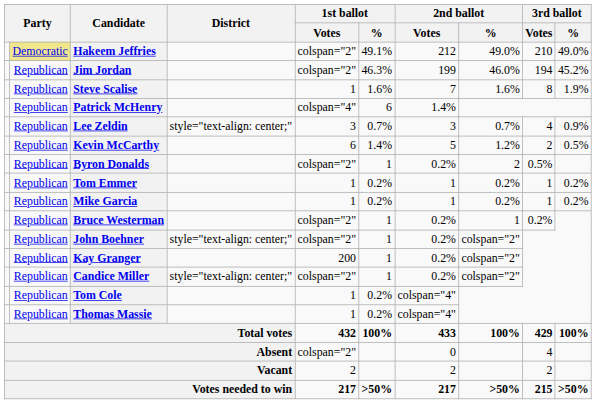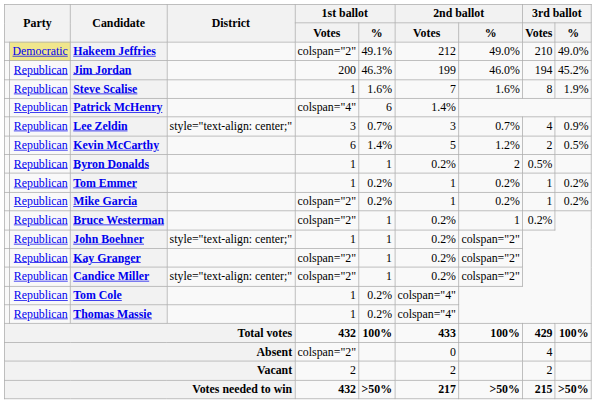 <table class="wikitable plainrowheaders sortable" style="text-align: right;">
 <tr>
 <th colspan="2" rowspan="2" scope="col" class="unsortable">Party</th>
 <th rowspan="2" scope="col" class="unsortable">Candidate</th>
 <th rowspan="2" scope="col" class="unsortable">District</th>
 <th colspan="2" scope="col">1st ballot<br></th>
 <th colspan="2" scope="col">2nd ballot<br></th>
 <th colspan="2" scope="col">3rd ballot<br></th>
 </tr>
 <tr>
 <th scope="col" data-sort-type="number">Votes</th>
 <th scope="col" class="unsortable">%</th>
 <th scope="col" data-sort-type="number">Votes</th>
 <th scope="col" class="unsortable">%</th>
 <th scope="col" data-sort-type="number">Votes</th>
 <th scope="col" class="unsortable">%</th>
 </tr>
 <tr>
 <td style="background-color:"></td>
 <td style="background: khaki;"><a href='#'>Democratic</a></td>
 <th scope="row" style="text-align: left;"><a href='#'>Hakeem Jeffries</a></th>
 <td style="text-align: center;"></td>
 <td>colspan="2" </td>
 <td>49.1%</td>
 <td>212</td>
 <td>49.0%</td>
 <td>210</td>
 <td>49.0%</td>
 </tr>
 <tr>
 <td style="background-color:"></td>
 <td><a href='#'>Republican</a></td>
 <th scope="row" style="text-align: left;"><a href='#'>Jim Jordan</a></th>
 <td style="text-align: center;"></td>
-<td>colspan="2" </td>
+<td>200</td>
 <td>46.3%</td>
 <td>199</td>
 <td>46.0%</td>
 <td>194</td>
 <td>45.2%</td>
 </tr>
 <tr>
 <td style="background-color:"></td>
 <td><a href='#'>Republican</a></td>
 <th scope="row" style="text-align: left;"><a href='#'>Steve Scalise</a></th>
 <td style="text-align: center;"></td>
 <td>1</td>
 <td>1.6%</td>
 <td>7</td>
 <td>1.6%</td>
 <td>8</td>
 <td>1.9%</td>
 </tr>
 <tr>
 <td style="background-color:"></td>
 <td><a href='#'>Republican</a></td>
 <th scope="row" style="text-align: left;"><a href='#'>Patrick McHenry</a></th>
 <td style="text-align: center;"></td>
 <td>colspan="4" </td>
 <td>6</td>
 <td>1.4%</td>
 </tr>
 <tr>
 <td style="background-color:"></td>
 <td><a href='#'>Republican</a></td>
 <th scope="row" style="text-align: left;"><a href='#'>Lee Zeldin</a></th>
 <td>style="text-align: center;" </td>
 <td>3</td>
 <td>0.7%</td>
 <td>3</td>
 <td>0.7%</td>
 <td>4</td>
 <td>0.9%</td>
 </tr>
 <tr>
 <td style="background-color:"></td>
 <td><a href='#'>Republican</a></td>
 <th scope="row" style="text-align: left;"><a href='#'>Kevin McCarthy</a></th>
 <td style="text-align: center;"></td>
 <td>6</td>
 <td>1.4%</td>
 <td>5</td>
 <td>1.2%</td>
 <td>2</td>
 <td>0.5%</td>
 </tr>
 <tr>
 <td style="background-color:"></td>
 <td><a href='#'>Republican</a></td>
 <th scope="row" style="text-align: left;"><a href='#'>Byron Donalds</a></th>
 <td style="text-align: center;"></td>
-<td>colspan="2" </td>
+<td>1</td>
 <td>1</td>
 <td>0.2%</td>
 <td>2</td>
 <td>0.5%</td>
 </tr>
 <tr>
 <td style="background-color:"></td>
 <td><a href='#'>Republican</a></td>
 <th scope="row" style="text-align: left;"><a href='#'>Tom Emmer</a></th>
 <td style="text-align: center;"></td>
 <td>1</td>
 <td>0.2%</td>
 <td>1</td>
 <td>0.2%</td>
 <td>1</td>
 <td>0.2%</td>
 </tr>
 <tr>
 <td style="background-color:"></td>
 <td><a href='#'>Republican</a></td>
 <th scope="row" style="text-align: left;"><a href='#'>Mike Garcia</a></th>
 <td style="text-align: center;"></td>
-<td>1</td>
+<td>colspan="2" </td>
 <td>0.2%</td>
 <td>1</td>
 <td>0.2%</td>
 <td>1</td>
 <td>0.2%</td>
 </tr>
 <tr>
 <td style="background-color:"></td>
 <td><a href='#'>Republican</a></td>
 <th scope="row" style="text-align: left;"><a href='#'>Bruce Westerman</a></th>
 <td style="text-align: center;"></td>
 <td>colspan="2" </td>
 <td>1</td>
 <td>0.2%</td>
 <td>1</td>
 <td>0.2%</td>
 </tr>
 <tr>
 <td style="background-color:"></td>
 <td><a href='#'>Republican</a></td>
 <th scope="row" style="text-align: left;"><a href='#'>John Boehner</a></th>
 <td>style="text-align: center;" </td>
-<td>colspan="2" </td>
+<td>1</td>
 <td>1</td>
 <td>0.2%</td>
 <td>colspan="2" </td>
 </tr>
 <tr>
 <td style="background-color:"></td>
 <td><a href='#'>Republican</a></td>
 <th scope="row" style="text-align: left;"><a href='#'>Kay Granger</a></th>
 <td style="text-align: center;"></td>
-<td>200</td>
+<td>colspan="2" </td>
 <td>1</td>
 <td>0.2%</td>
 <td>colspan="2" </td>
 </tr>
 <tr>
 <td style="background-color:"></td>
 <td><a href='#'>Republican</a></td>
 <th scope="row" style="text-align: left;"><a href='#'>Candice Miller</a></th>
 <td>style="text-align: center;" </td>
 <td>colspan="2" </td>
 <td>1</td>
 <td>0.2%</td>
 <td>colspan="2" </td>
 </tr>
 <tr>
 <td style="background-color:"></td>
 <td><a href='#'>Republican</a></td>
 <th scope="row" style="text-align: left;"><a href='#'>Tom Cole</a></th>
 <td style="text-align: center;"></td>
 <td>1</td>
 <td>0.2%</td>
 <td>colspan="4" </td>
 </tr>
 <tr>
 <td style="background-color:"></td>
 <td><a href='#'>Republican</a></td>
 <th scope="row" style="text-align: left;"><a href='#'>Thomas Massie</a></th>
 <td style="text-align: center;"></td>
 <td>1</td>
 <td>0.2%</td>
 <td>colspan="4" </td>
 </tr>
 <tr class="sortbottom">
 <th colspan="4" scope="row" style="text-align: right;">Total votes</th>
 <td><strong>432</strong></td>
 <td><strong>100%</strong></td>
 <td><strong>433</strong></td>
 <td><strong>100%</strong></td>
 <td><strong>429</strong></td>
 <td><strong>100%</strong><br></td>
 </tr>
 <tr class="sortbottom">
 <th colspan="4" scope="row" style="text-align: right;">Absent</th>
 <td>colspan="2" </td>
 <td></td>
 <td>0</td>
 <td></td>
 <td>4</td>
 <td></td>
 </tr>
 <tr class="sortbottom">
 <th colspan="4" scope="row" style="text-align: right;">Vacant</th>
 <td>2</td>
 <td></td>
 <td>2</td>
 <td></td>
 <td>2</td>
 <td></td>
 </tr>
 <tr class="sortbottom">
 <th colspan="4" scope="row" style="text-align: right;">Votes needed to win</th>
-<td><strong>217</strong></td>
+<td><strong>432</strong></td>
 <td><strong>>50%</strong></td>
 <td><strong>217</strong></td>
 <td><strong>>50%</strong></td>
 <td><strong>215</strong></td>
 <td><strong>>50%</strong></td>
 </tr>
 </table>
